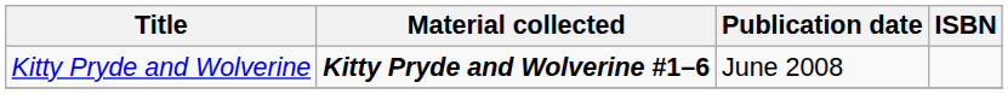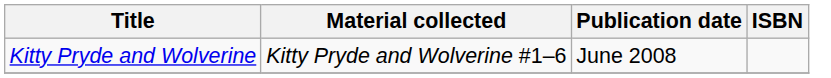 <table class="wikitable">
 <tr>
 <th>Title</th>
 <th>Material collected</th>
 <th>Publication date</th>
 <th>ISBN</th>
 </tr>
 <tr>
 <td><em><a href='#'>Kitty Pryde and Wolverine</a></em></td>
-<td><strong><em>Kitty Pryde and Wolverine</em> #1–6</strong></td>
+<td><em>Kitty Pryde and Wolverine</em> #1–6</td>
 <td>June 2008</td>
 <td></td>
 </tr>
 <tr>
 </tr>
 </table>
